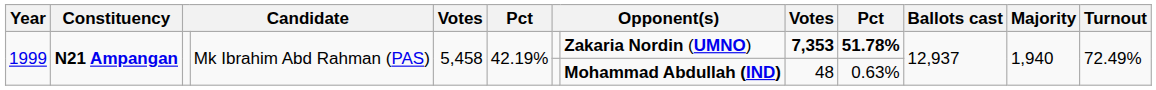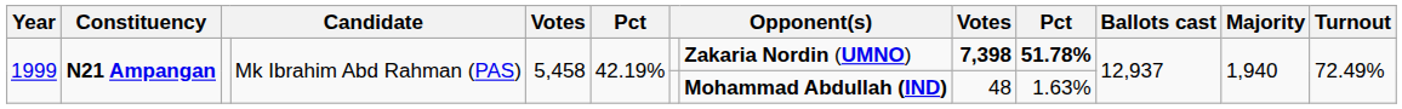 <table class="wikitable" style="margin:0.5em ; font-size:95%">
 <tr>
 <th>Year</th>
 <th>Constituency</th>
 <th colspan=2>Candidate</th>
 <th>Votes</th>
 <th>Pct</th>
 <th colspan=2>Opponent(s)</th>
 <th>Votes</th>
 <th>Pct</th>
 <th>Ballots cast</th>
 <th>Majority</th>
 <th>Turnout</th>
 </tr>
 <tr>
 <td rowspan=2><a href='#'>1999</a></td>
 <td rowspan=2><strong>N21 <a href='#'>Ampangan</a></strong></td>
 <td rowspan=2 ></td>
 <td rowspan=2>Mk Ibrahim Abd Rahman (<a href='#'>PAS</a>)</td>
 <td rowspan=2 align=right>5,458</td>
 <td rowspan=2>42.19%</td>
 <td></td>
 <td><strong>Zakaria Nordin</strong> (<a href='#'><strong>UMNO</strong></a>)</td>
-<td align=right><strong>7,353</strong></td>
+<td align=right><strong>7,398</strong></td>
 <td><strong>51.78%</strong></td>
 <td rowspan=2>12,937</td>
 <td rowspan=2>1,940</td>
 <td rowspan=2>72.49%</td>
 </tr>
 <tr>
 <td></td>
 <td><strong>Mohammad Abdullah (<a href='#'>IND</a>)</strong></td>
 <td align=right>48</td>
-<td align=right>0.63%</td>
+<td align=right>1.63%</td>
 </tr>
 </table>
